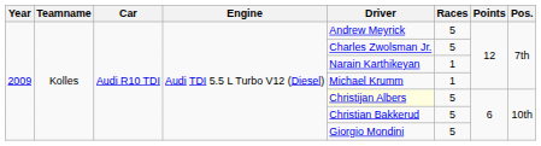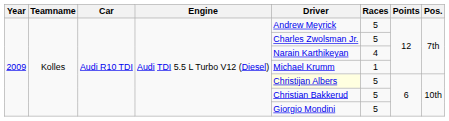 <table class="wikitable" style="font-size: 85%; text-align:center">
 <tr>
 <th>Year</th>
 <th>Teamname</th>
 <th>Car</th>
 <th>Engine</th>
 <th>Driver</th>
 <th>Races</th>
 <th>Points</th>
 <th>Pos.</th>
 </tr>
 <tr>
 <td rowspan=7><a href='#'>2009</a></td>
 <td rowspan=7> Kolles</td>
 <td rowspan=7><a href='#'>Audi R10 TDI</a></td>
 <td rowspan=7><a href='#'>Audi</a> <a href='#'>TDI</a> 5.5 L Turbo V12 (<a href='#'>Diesel</a>)</td>
 <td align=left> <a href='#'>Andrew Meyrick</a></td>
 <td>5</td>
 <td rowspan="4">12</td>
 <td rowspan="4">7th</td>
 </tr>
 <tr>
 <td align=left> <a href='#'>Charles Zwolsman Jr.</a></td>
 <td>5</td>
 </tr>
 <tr>
 <td align=left> <a href='#'>Narain Karthikeyan</a></td>
-<td>1</td>
+<td>4</td>
 </tr>
 <tr>
 <td align="left"> <a href='#'>Michael Krumm</a></td>
 <td>1</td>
 </tr>
 <tr>
 <td align=left style="background: lightyellow;"> <a href='#'>Christijan Albers</a></td>
 <td>5</td>
 <td rowspan="3">6</td>
 <td rowspan="3">10th</td>
 </tr>
 <tr>
 <td align=left> <a href='#'>Christian Bakkerud</a></td>
 <td>5</td>
 </tr>
 <tr>
 <td align="left"> <a href='#'>Giorgio Mondini</a></td>
 <td>5</td>
 </tr>
 </table>
